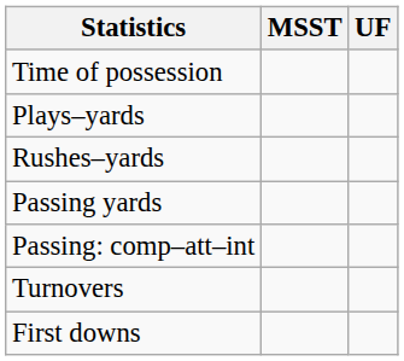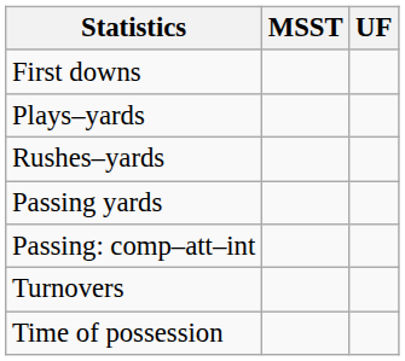 <table class="wikitable" style="float:left">
 <tr>
 <th>Statistics</th>
 <th>MSST</th>
 <th>UF</th>
 </tr>
 <tr>
-<td>Time of possession</td>
+<td>First downs</td>
 <td></td>
 <td></td>
 </tr>
 <tr>
 <td>Plays–yards</td>
 <td></td>
 <td></td>
 </tr>
 <tr>
 <td>Rushes–yards</td>
 <td></td>
 <td></td>
 </tr>
 <tr>
 <td>Passing yards</td>
 <td></td>
 <td></td>
 </tr>
 <tr>
 <td>Passing: comp–att–int</td>
 <td></td>
 <td></td>
 </tr>
 <tr>
 <td>Turnovers</td>
 <td></td>
 <td></td>
 </tr>
 <tr>
-<td>First downs</td>
+<td>Time of possession</td>
 <td></td>
 <td></td>
 </tr>
 </table>
